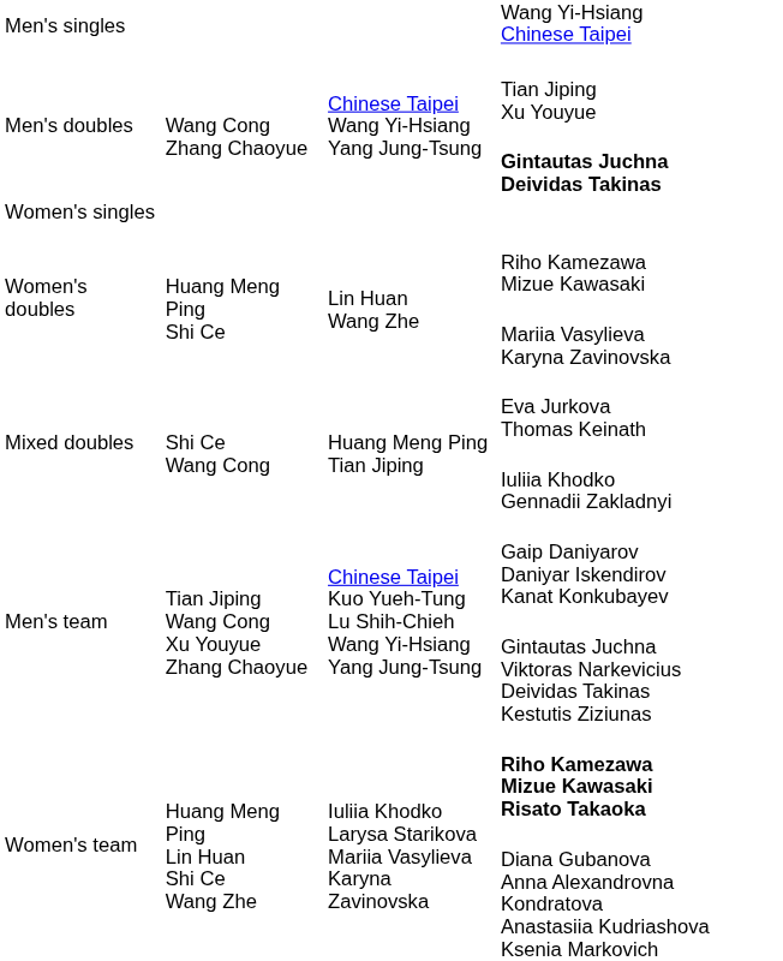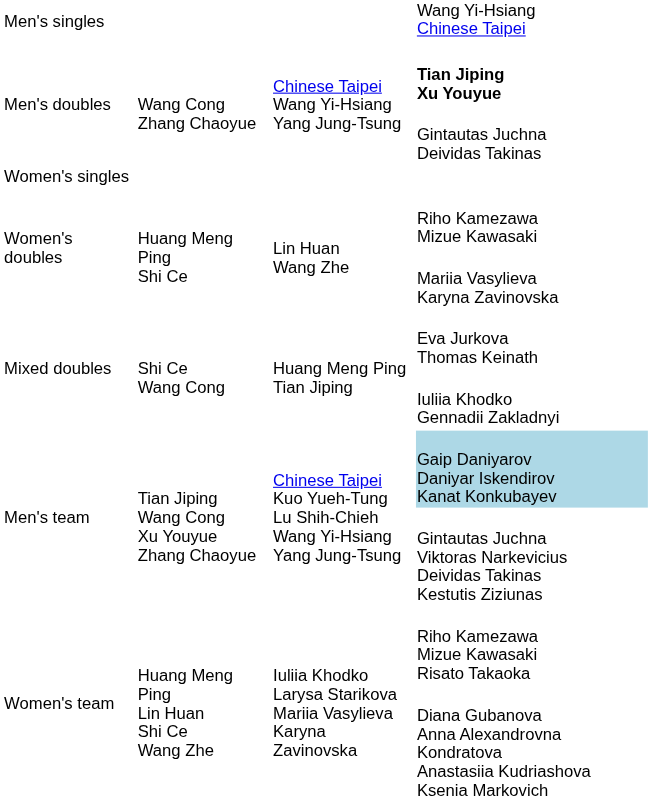 <table>
 <tr>
 <td rowspan=2>Men's singles</td>
 <td rowspan=2></td>
 <td rowspan=2></td>
 <td>Wang Yi-Hsiang<br> <a href='#'>Chinese Taipei</a></td>
 </tr>
 <tr>
 <td></td>
 </tr>
 <tr>
 <td rowspan=2>Men's doubles</td>
 <td rowspan=2><br>Wang Cong<br>Zhang Chaoyue</td>
 <td rowspan=2> <a href='#'>Chinese Taipei</a><br>Wang Yi-Hsiang<br>Yang Jung-Tsung</td>
-<td><br>Tian Jiping<br>Xu Youyue</td>
+<td><strong><br>Tian Jiping<br>Xu Youyue</strong></td>
 </tr>
 <tr>
-<td><strong><br>Gintautas Juchna<br>Deividas Takinas</strong></td>
+<td><br>Gintautas Juchna<br>Deividas Takinas</td>
 </tr>
 <tr>
 <td rowspan=2>Women's singles</td>
 <td rowspan=2></td>
 <td rowspan=2></td>
 <td></td>
 </tr>
 <tr>
 <td></td>
 </tr>
 <tr>
 <td rowspan=2>Women's doubles</td>
 <td rowspan=2><br>Huang Meng Ping<br>Shi Ce</td>
 <td rowspan=2><br>Lin Huan<br>Wang Zhe</td>
 <td><br>Riho Kamezawa<br>Mizue Kawasaki</td>
 </tr>
 <tr>
 <td><br>Mariia Vasylieva<br>Karyna Zavinovska</td>
 </tr>
 <tr>
 <td rowspan=2>Mixed doubles</td>
 <td rowspan=2><br>Shi Ce<br>Wang Cong</td>
 <td rowspan=2><br>Huang Meng Ping<br>Tian Jiping</td>
 <td><br>Eva Jurkova<br>Thomas Keinath</td>
 </tr>
 <tr>
 <td><br>Iuliia Khodko<br>Gennadii Zakladnyi</td>
 </tr>
 <tr>
 <td rowspan=2>Men's team</td>
 <td rowspan=2><br>Tian Jiping<br>Wang Cong<br>Xu Youyue<br>Zhang Chaoyue</td>
 <td rowspan=2> <a href='#'>Chinese Taipei</a><br>Kuo Yueh-Tung<br>Lu Shih-Chieh<br>Wang Yi-Hsiang<br>Yang Jung-Tsung</td>
-<td><br>Gaip Daniyarov<br>Daniyar Iskendirov<br>Kanat Konkubayev</td>
+<td style="background: lightblue;"><br>Gaip Daniyarov<br>Daniyar Iskendirov<br>Kanat Konkubayev</td>
 </tr>
 <tr>
 <td><br>Gintautas Juchna<br>Viktoras Narkevicius<br>Deividas Takinas<br>Kestutis Ziziunas</td>
 </tr>
 <tr>
 <td rowspan=2>Women's team</td>
 <td rowspan=2><br>Huang Meng Ping<br>Lin Huan<br>Shi Ce<br>Wang Zhe</td>
 <td rowspan=2><br>Iuliia Khodko<br>Larysa Starikova<br>Mariia Vasylieva<br>Karyna Zavinovska</td>
-<td><strong><br>Riho Kamezawa<br>Mizue Kawasaki<br>Risato Takaoka</strong></td>
+<td><br>Riho Kamezawa<br>Mizue Kawasaki<br>Risato Takaoka</td>
 </tr>
 <tr>
 <td><br>Diana Gubanova<br>Anna Alexandrovna Kondratova<br>Anastasiia Kudriashova<br>Ksenia Markovich</td>
 </tr>
 </table>
